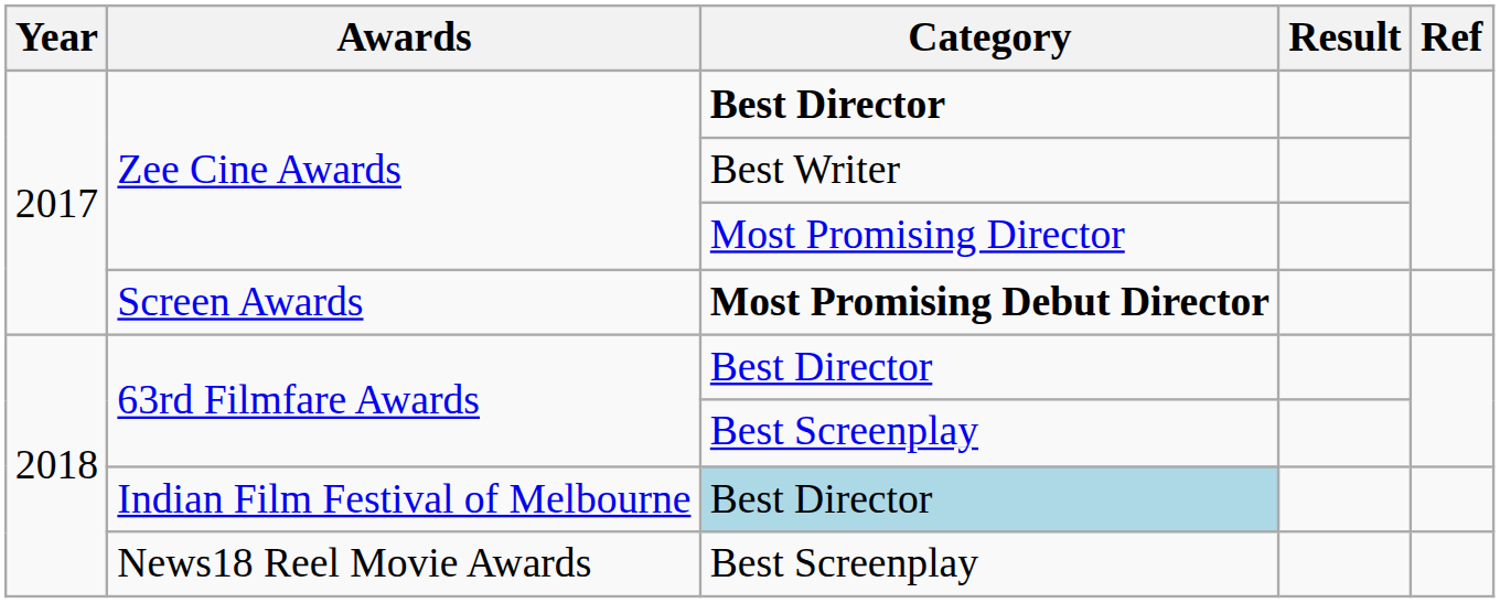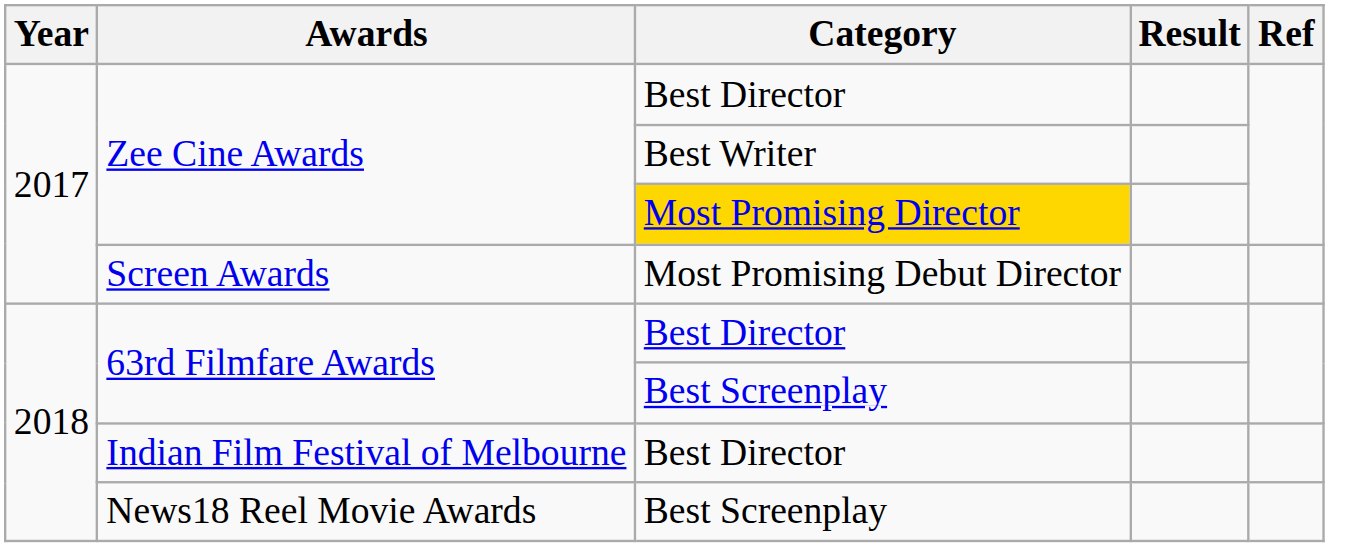 <table class="wikitable">
 <tr>
 <th>Year</th>
 <th>Awards</th>
 <th>Category</th>
 <th>Result</th>
 <th>Ref</th>
 </tr>
 <tr>
 <td rowspan=4>2017</td>
 <td rowspan=3><a href='#'>Zee Cine Awards</a></td>
-<td><strong>Best Director</strong></td>
+<td>Best Director</td>
 <td></td>
 <td rowspan=3></td>
 </tr>
 <tr>
 <td>Best Writer</td>
 <td></td>
 </tr>
 <tr>
-<td><a href='#'>Most Promising Director</a></td>
+<td style="background: gold;"><a href='#'>Most Promising Director</a></td>
 <td></td>
 </tr>
 <tr>
 <td><a href='#'>Screen Awards</a></td>
-<td><strong>Most Promising Debut Director</strong></td>
+<td>Most Promising Debut Director</td>
 <td></td>
 <td></td>
 </tr>
 <tr>
 <td rowspan=5>2018</td>
 <td rowspan=2><a href='#'>63rd Filmfare Awards</a></td>
 <td><a href='#'>Best Director</a></td>
 <td></td>
 <td rowspan=2></td>
 </tr>
 <tr>
 <td><a href='#'>Best Screenplay</a></td>
 <td></td>
 </tr>
 <tr>
 <td><a href='#'>Indian Film Festival of Melbourne</a></td>
-<td style="background: lightblue;">Best Director</td>
+<td>Best Director</td>
 <td></td>
 <td></td>
 </tr>
 <tr>
 <td>News18 Reel Movie Awards</td>
 <td>Best Screenplay</td>
 <td></td>
 <td></td>
 </tr>
 </table>
